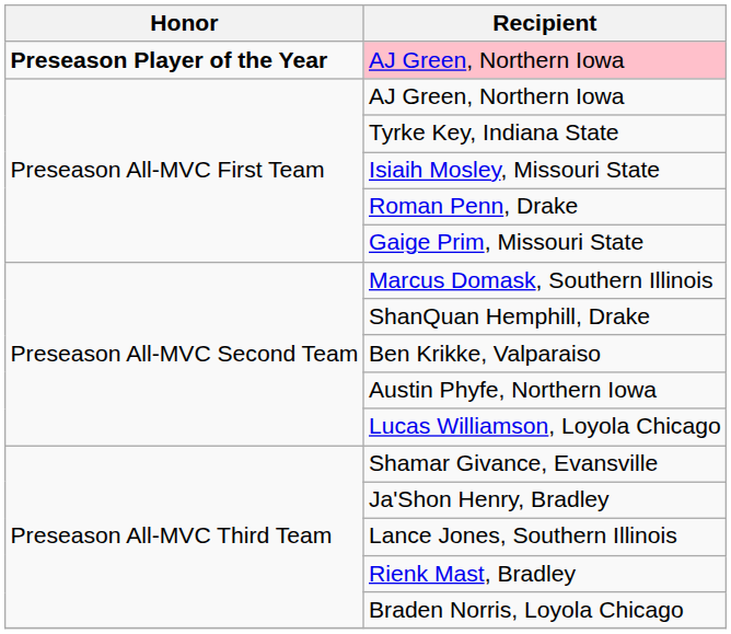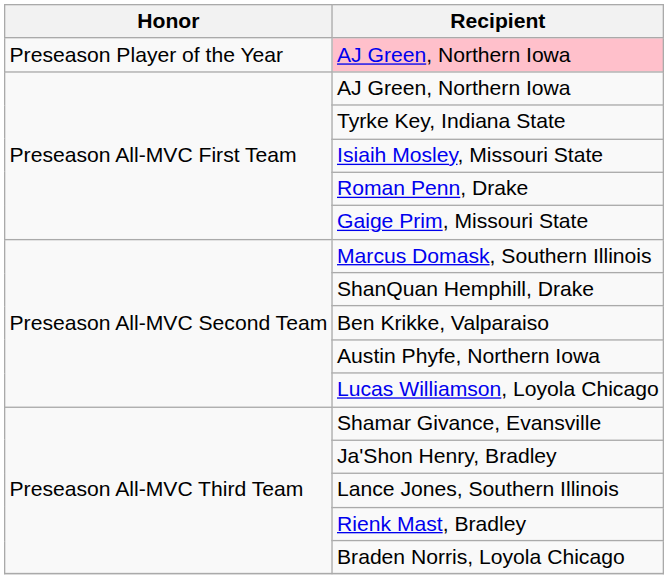 <table class="wikitable" border="1">
 <tr>
 <th>Honor</th>
 <th>Recipient</th>
 </tr>
 <tr>
-<td><strong>Preseason Player of the Year</strong></td>
+<td>Preseason Player of the Year</td>
 <td style="background: pink;"><a href='#'>AJ Green</a>, Northern Iowa</td>
 </tr>
 <tr>
 <td rowspan=5 valign=middle>Preseason All-MVC First Team</td>
 <td>AJ Green, Northern Iowa</td>
 </tr>
 <tr>
 <td>Tyrke Key, Indiana State</td>
 </tr>
 <tr>
 <td><a href='#'>Isiaih Mosley</a>, Missouri State</td>
 </tr>
 <tr>
 <td><a href='#'>Roman Penn</a>, Drake</td>
 </tr>
 <tr>
 <td><a href='#'>Gaige Prim</a>, Missouri State</td>
 </tr>
 <tr>
 <td rowspan=5 valign=middle>Preseason All-MVC Second Team</td>
 <td><a href='#'>Marcus Domask</a>, Southern Illinois</td>
 </tr>
 <tr>
 <td>ShanQuan Hemphill, Drake</td>
 </tr>
 <tr>
 <td>Ben Krikke, Valparaiso</td>
 </tr>
 <tr>
 <td>Austin Phyfe, Northern Iowa</td>
 </tr>
 <tr>
 <td><a href='#'>Lucas Williamson</a>, Loyola Chicago</td>
 </tr>
 <tr>
 <td rowspan=5 valign=middle>Preseason All-MVC Third Team</td>
 <td>Shamar Givance, Evansville</td>
 </tr>
 <tr>
 <td>Ja'Shon Henry, Bradley</td>
 </tr>
 <tr>
 <td>Lance Jones, Southern Illinois</td>
 </tr>
 <tr>
 <td><a href='#'>Rienk Mast</a>, Bradley</td>
 </tr>
 <tr>
 <td>Braden Norris, Loyola Chicago</td>
 </tr>
 <tr>
 </tr>
 </table>
